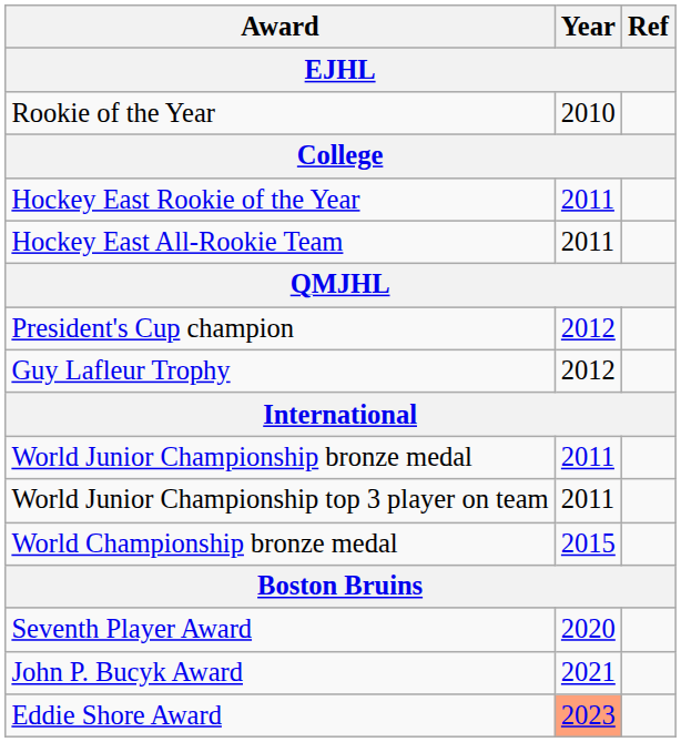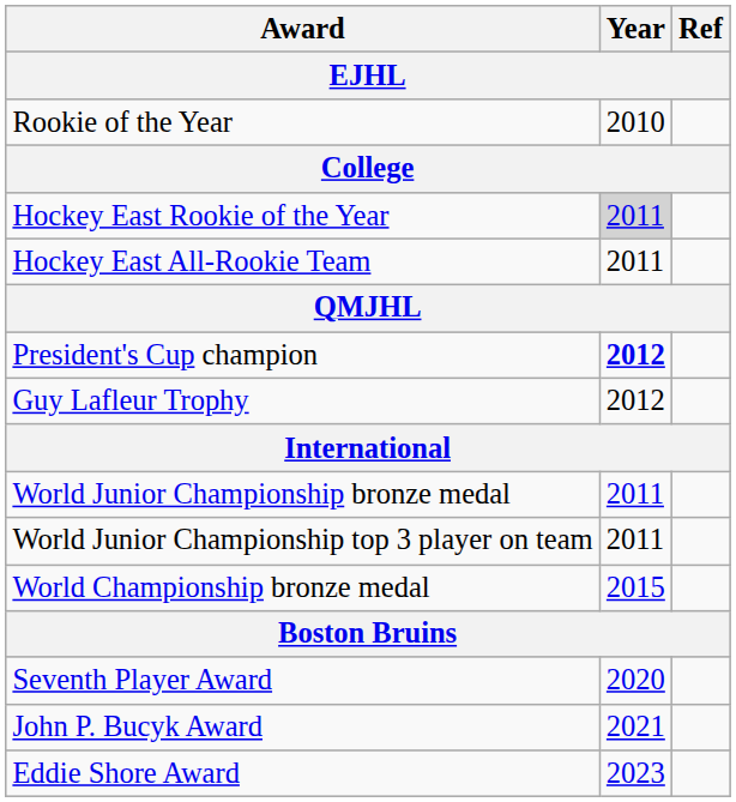 <table class="wikitable">
 <tr>
 <th>Award</th>
 <th>Year</th>
 <th>Ref</th>
 </tr>
 <tr>
 <th colspan="3"><a href='#'>EJHL</a></th>
 </tr>
 <tr>
 <td>Rookie of the Year</td>
 <td>2010</td>
 <td></td>
 </tr>
 <tr>
 <th colspan="3"><a href='#'>College</a></th>
 </tr>
 <tr>
 <td><a href='#'>Hockey East Rookie of the Year</a></td>
-<td><a href='#'>2011</a></td>
+<td style="background: lightgrey;"><a href='#'>2011</a></td>
 <td></td>
 </tr>
 <tr>
 <td><a href='#'>Hockey East All-Rookie Team</a></td>
 <td>2011</td>
 <td></td>
 </tr>
 <tr>
 <th colspan="3"><a href='#'>QMJHL</a></th>
 </tr>
 <tr>
 <td><a href='#'>President's Cup</a> champion</td>
-<td><a href='#'>2012</a></td>
+<td><strong><a href='#'>2012</a></strong></td>
 <td></td>
 </tr>
 <tr>
 <td><a href='#'>Guy Lafleur Trophy</a></td>
 <td>2012</td>
 <td></td>
 </tr>
 <tr>
 <th colspan="3"><a href='#'>International</a></th>
 </tr>
 <tr>
 <td><a href='#'>World Junior Championship</a> bronze medal</td>
 <td><a href='#'>2011</a></td>
 <td></td>
 </tr>
 <tr>
 <td>World Junior Championship top 3 player on team</td>
 <td>2011</td>
 <td></td>
 </tr>
 <tr>
 <td><a href='#'>World Championship</a> bronze medal</td>
 <td><a href='#'>2015</a></td>
 <td></td>
 </tr>
 <tr>
 <th colspan="3"><a href='#'>Boston Bruins</a></th>
 </tr>
 <tr>
 <td><a href='#'>Seventh Player Award</a></td>
 <td><a href='#'>2020</a></td>
 <td></td>
 </tr>
 <tr>
 <td><a href='#'>John P. Bucyk Award</a></td>
 <td><a href='#'>2021</a></td>
 <td></td>
 </tr>
 <tr>
 <td><a href='#'>Eddie Shore Award</a></td>
-<td style="background: lightsalmon;"><a href='#'>2023</a></td>
+<td><a href='#'>2023</a></td>
 <td></td>
 </tr>
 </table>
